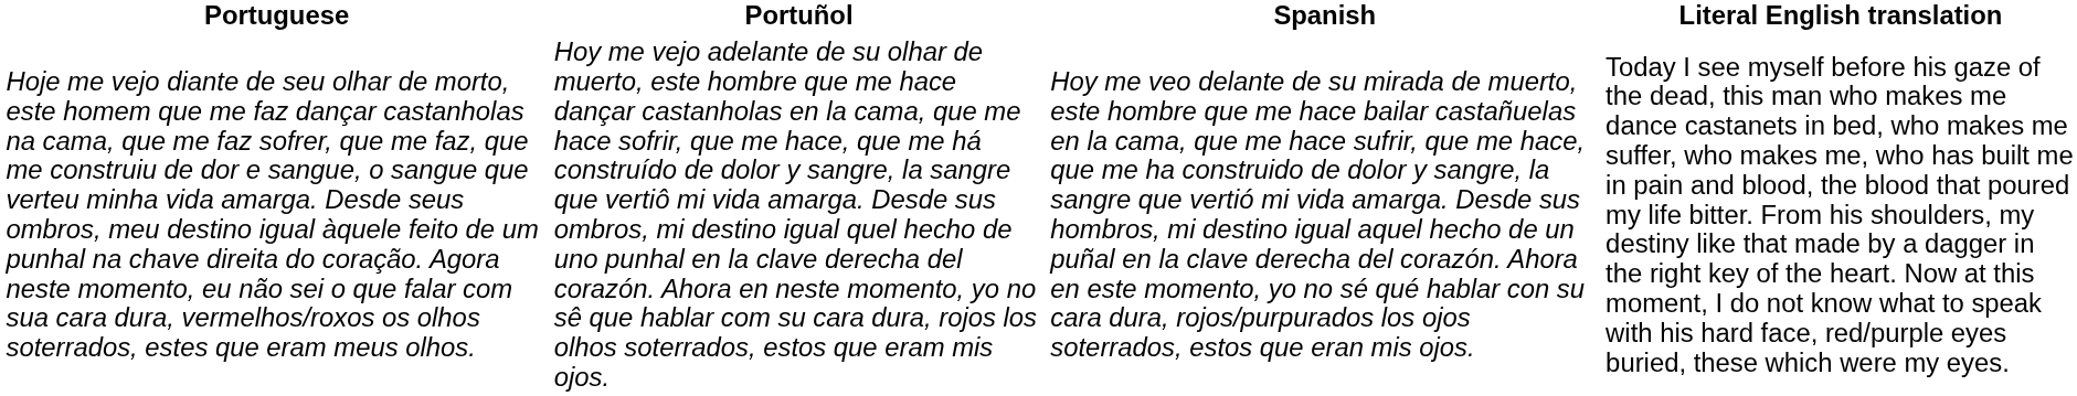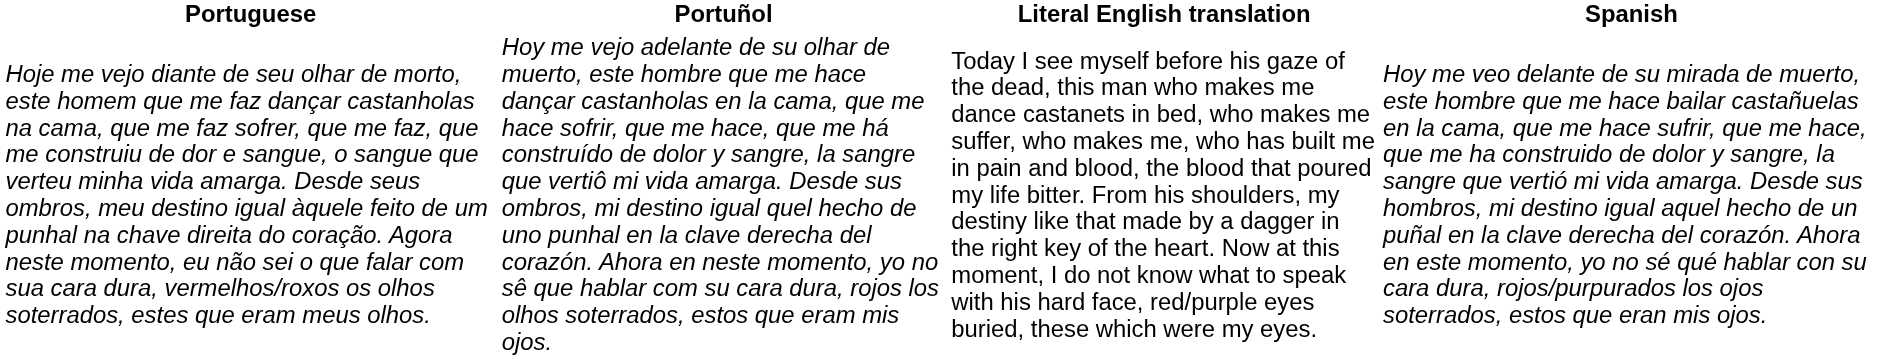 <table>
 <tr>
 <th>Portuguese</th>
 <th>Portuñol</th>
+<th>Literal English translation</th>
 <th>Spanish</th>
-<th>Literal English translation</th>
 </tr>
 <tr>
 <td><em>Hoje me vejo diante de seu olhar de morto, este homem que me faz dançar castanholas na cama, que me faz sofrer, que me faz, que me construiu de dor e sangue, o sangue que verteu minha vida amarga. Desde seus ombros, meu destino igual àquele feito de um punhal na chave direita do coração. Agora neste momento, eu não sei o que falar com sua cara dura, vermelhos/roxos os olhos soterrados, estes que eram meus olhos.</em></td>
 <td><em>Hoy me vejo adelante de su olhar de muerto, este hombre que me hace dançar castanholas en la cama, que me hace sofrir, que me hace, que me há construído de dolor y sangre, la sangre que vertiô mi vida amarga. Desde sus ombros, mi destino igual quel hecho de uno punhal en la clave derecha del corazón. Ahora en neste momento, yo no sê que hablar com su cara dura, rojos los olhos soterrados, estos que eram mis ojos.</em></td>
+<td>Today I see myself before his gaze of the dead, this man who makes me dance castanets in bed, who makes me suffer, who makes me, who has built me in pain and blood, the blood that poured my life bitter. From his shoulders, my destiny like that made by a dagger in the right key of the heart. Now at this moment, I do not know what to speak with his hard face, red/purple eyes buried, these which were my eyes.</td>
 <td><em>Hoy me veo delante de su mirada de muerto, este hombre que me hace bailar castañuelas en la cama, que me hace sufrir, que me hace, que me ha construido de dolor y sangre, la sangre que vertió mi vida amarga. Desde sus hombros, mi destino igual aquel hecho de un puñal en la clave derecha del corazón. Ahora en este momento, yo no sé qué hablar con su cara dura, rojos/purpurados los ojos soterrados, estos que eran mis ojos.</em></td>
-<td>Today I see myself before his gaze of the dead, this man who makes me dance castanets in bed, who makes me suffer, who makes me, who has built me in pain and blood, the blood that poured my life bitter. From his shoulders, my destiny like that made by a dagger in the right key of the heart. Now at this moment, I do not know what to speak with his hard face, red/purple eyes buried, these which were my eyes.</td>
 </tr>
 </table>
